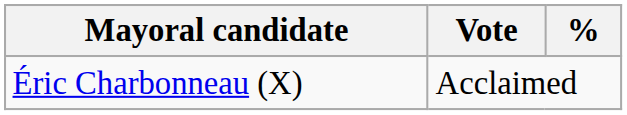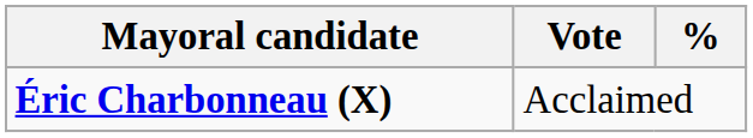 <table class="wikitable">
 <tr>
 <th bgcolor="#DDDDFF" width="200px">Mayoral candidate</th>
 <th bgcolor="#DDDDFF" width="50px">Vote</th>
 <th bgcolor="#DDDDFF"  width="30px">%</th>
 </tr>
 <tr>
-<td><a href='#'>Éric Charbonneau</a> (X)</td>
+<td><strong><a href='#'>Éric Charbonneau</a> (X)</strong></td>
 <td colspan="2">Acclaimed</td>
 </tr>
 </table>
